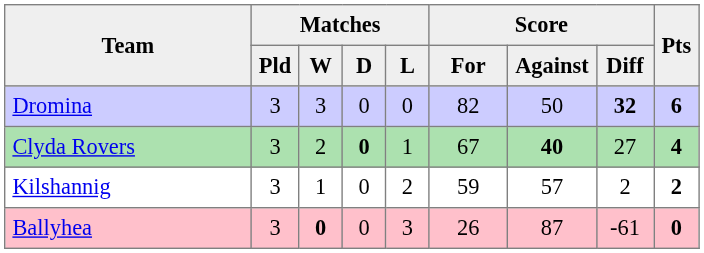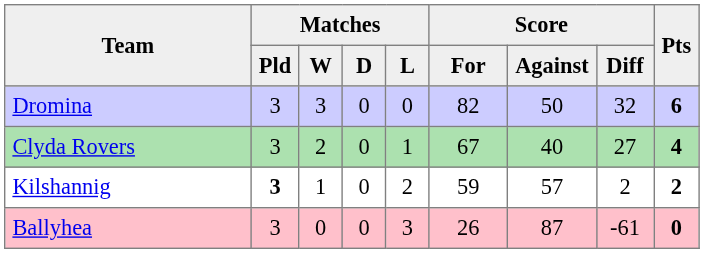 <table style=border-collapse:collapse border=1 cellspacing=0 cellpadding=5>
 <tr align=center bgcolor=#efefef>
 <th rowspan=2 width=165>Team</th>
 <th colspan=4>Matches</th>
 <th colspan=3>Score</th>
 <th rowspan=2width=20>Pts</th>
 </tr>
 <tr align=center bgcolor=#efefef>
 <th width=20>Pld</th>
 <th width=20>W</th>
 <th width=20>D</th>
 <th width=20>L</th>
 <th width=45>For</th>
 <th width=45>Against</th>
 <th width=30>Diff</th>
 </tr>
 <tr align=center style="background:#ccccff;">
 <td style="text-align:left;"><a href='#'>Dromina</a></td>
 <td>3</td>
 <td>3</td>
 <td>0</td>
 <td>0</td>
 <td>82</td>
 <td>50</td>
-<td><strong>32</strong></td>
+<td>32</td>
 <td><strong>6</strong></td>
 </tr>
 <tr align=center style="background:#ACE1AF;">
 <td style="text-align:left;"><a href='#'>Clyda Rovers</a></td>
 <td>3</td>
 <td>2</td>
-<td><strong>0</strong></td>
+<td>0</td>
 <td>1</td>
 <td>67</td>
-<td><strong>40</strong></td>
+<td>40</td>
 <td>27</td>
 <td><strong>4</strong></td>
 </tr>
 <tr align=center>
 <td style="text-align:left;"><a href='#'>Kilshannig</a></td>
-<td>3</td>
+<td><strong>3</strong></td>
 <td>1</td>
 <td>0</td>
 <td>2</td>
 <td>59</td>
 <td>57</td>
 <td>2</td>
 <td><strong>2</strong></td>
 </tr>
 <tr align=center style="background:#FFC0CB;">
 <td style="text-align:left;"><a href='#'>Ballyhea</a></td>
 <td>3</td>
-<td><strong>0</strong></td>
+<td>0</td>
 <td>0</td>
 <td>3</td>
 <td>26</td>
 <td>87</td>
 <td>-61</td>
 <td><strong>0</strong></td>
 </tr>
 </table>
